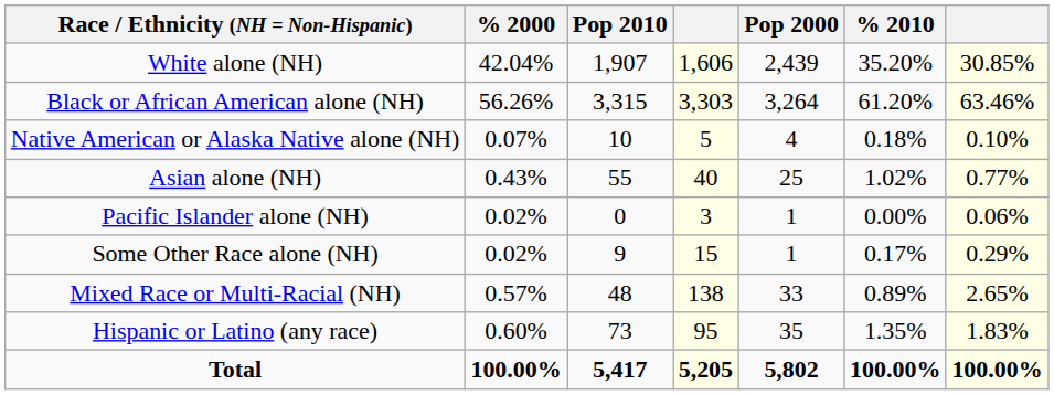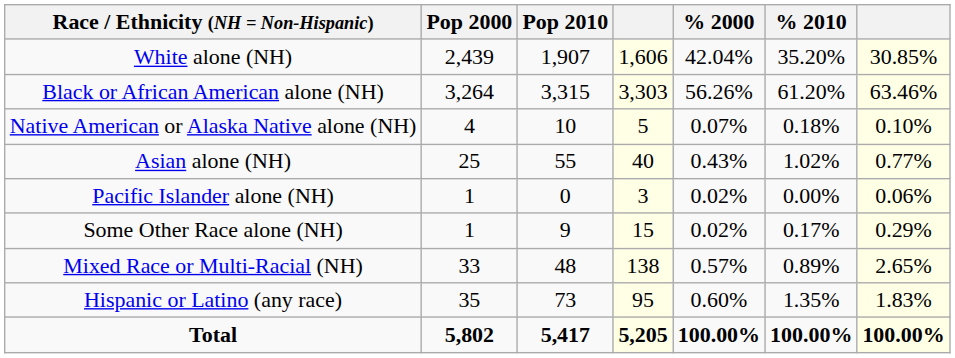 <table class="wikitable" style="text-align:center;">
 <tr>
 <th>Race / Ethnicity <small>(<em>NH = Non-Hispanic</em>)</small></th>
-<th>% 2000</th>
+<th>Pop 2000</th>
 <th>Pop 2010</th>
 <th></th>
-<th>Pop 2000</th>
+<th>% 2000</th>
 <th>% 2010</th>
 <th></th>
 </tr>
 <tr>
 <td><a href='#'>White</a> alone (NH)</td>
-<td>42.04%</td>
+<td>2,439</td>
 <td>1,907</td>
 <td style='background: #ffffe6;'>1,606</td>
-<td>2,439</td>
+<td>42.04%</td>
 <td>35.20%</td>
 <td style='background: #ffffe6;'>30.85%</td>
 </tr>
 <tr>
 <td><a href='#'>Black or African American</a> alone (NH)</td>
-<td>56.26%</td>
+<td>3,264</td>
 <td>3,315</td>
 <td style='background: #ffffe6;'>3,303</td>
-<td>3,264</td>
+<td>56.26%</td>
 <td>61.20%</td>
 <td style='background: #ffffe6;'>63.46%</td>
 </tr>
 <tr>
 <td><a href='#'>Native American</a> or <a href='#'>Alaska Native</a> alone (NH)</td>
-<td>0.07%</td>
+<td>4</td>
 <td>10</td>
 <td style='background: #ffffe6;'>5</td>
-<td>4</td>
+<td>0.07%</td>
 <td>0.18%</td>
 <td style='background: #ffffe6;'>0.10%</td>
 </tr>
 <tr>
 <td><a href='#'>Asian</a> alone (NH)</td>
-<td>0.43%</td>
+<td>25</td>
 <td>55</td>
 <td style='background: #ffffe6;'>40</td>
-<td>25</td>
+<td>0.43%</td>
 <td>1.02%</td>
 <td style='background: #ffffe6;'>0.77%</td>
 </tr>
 <tr>
 <td><a href='#'>Pacific Islander</a> alone (NH)</td>
-<td>0.02%</td>
+<td>1</td>
 <td>0</td>
 <td style='background: #ffffe6;'>3</td>
-<td>1</td>
+<td>0.02%</td>
 <td>0.00%</td>
 <td style='background: #ffffe6;'>0.06%</td>
 </tr>
 <tr>
 <td>Some Other Race alone (NH)</td>
-<td>0.02%</td>
+<td>1</td>
 <td>9</td>
 <td style='background: #ffffe6;'>15</td>
-<td>1</td>
+<td>0.02%</td>
 <td>0.17%</td>
 <td style='background: #ffffe6;'>0.29%</td>
 </tr>
 <tr>
 <td><a href='#'>Mixed Race or Multi-Racial</a> (NH)</td>
-<td>0.57%</td>
+<td>33</td>
 <td>48</td>
 <td style='background: #ffffe6;'>138</td>
-<td>33</td>
+<td>0.57%</td>
 <td>0.89%</td>
 <td style='background: #ffffe6;'>2.65%</td>
 </tr>
 <tr>
 <td><a href='#'>Hispanic or Latino</a> (any race)</td>
-<td>0.60%</td>
+<td>35</td>
 <td>73</td>
 <td style='background: #ffffe6;'>95</td>
-<td>35</td>
+<td>0.60%</td>
 <td>1.35%</td>
 <td style='background: #ffffe6;'>1.83%</td>
 </tr>
 <tr>
 <td><strong>Total</strong></td>
-<td><strong>100.00%</strong></td>
+<td><strong>5,802</strong></td>
 <td><strong>5,417</strong></td>
 <td style='background: #ffffe6;'><strong>5,205</strong></td>
-<td><strong>5,802</strong></td>
+<td><strong>100.00%</strong></td>
 <td><strong>100.00%</strong></td>
 <td style='background: #ffffe6;'><strong>100.00%</strong></td>
 </tr>
 </table>
